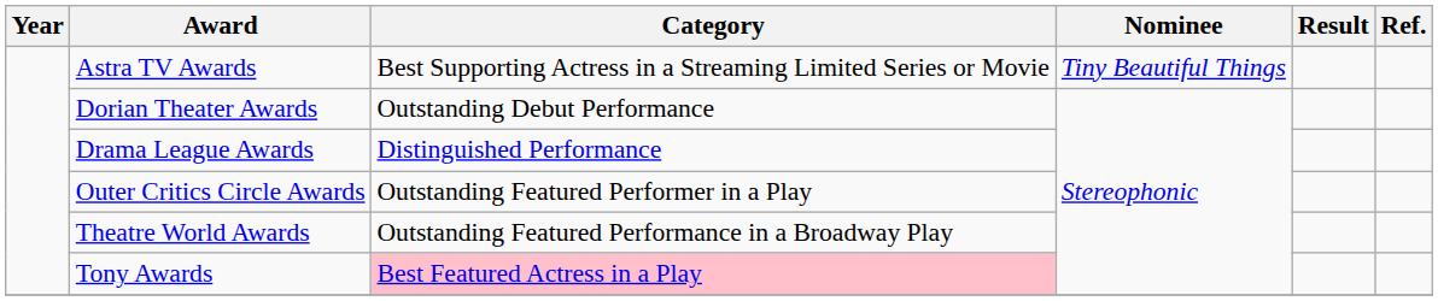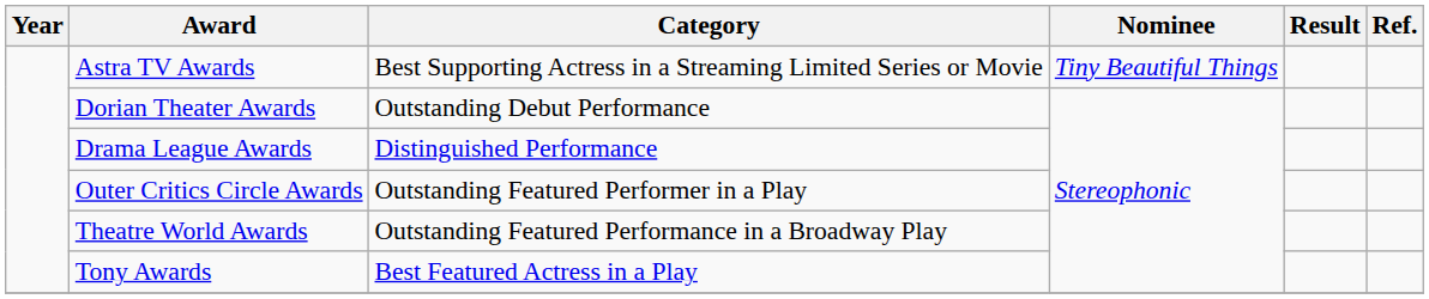 <table class="wikitable">
 <tr>
 <th>Year</th>
 <th>Award</th>
 <th>Category</th>
 <th>Nominee</th>
 <th>Result</th>
 <th class=unsortable>Ref.</th>
 </tr>
 <tr>
 <td rowspan=6></td>
 <td><a href='#'>Astra TV Awards</a></td>
 <td>Best Supporting Actress in a Streaming Limited Series or Movie</td>
 <td><em><a href='#'>Tiny Beautiful Things</a></em></td>
 <td></td>
 <td></td>
 </tr>
 <tr>
 <td><a href='#'>Dorian Theater Awards</a></td>
 <td>Outstanding Debut Performance</td>
 <td rowspan=5><em><a href='#'>Stereophonic</a></em></td>
 <td></td>
 <td></td>
 </tr>
 <tr>
 <td><a href='#'>Drama League Awards</a></td>
 <td><a href='#'>Distinguished Performance</a></td>
 <td></td>
 <td></td>
 </tr>
 <tr>
 <td><a href='#'>Outer Critics Circle Awards</a></td>
 <td>Outstanding Featured Performer in a Play</td>
 <td></td>
 <td></td>
 </tr>
 <tr>
 <td><a href='#'>Theatre World Awards</a></td>
 <td>Outstanding Featured Performance in a Broadway Play</td>
 <td></td>
 <td></td>
 </tr>
 <tr>
 <td><a href='#'>Tony Awards</a></td>
-<td style="background: pink;"><a href='#'>Best Featured Actress in a Play</a></td>
+<td><a href='#'>Best Featured Actress in a Play</a></td>
 <td></td>
 <td></td>
 </tr>
 <tr>
 </tr>
 </table>
